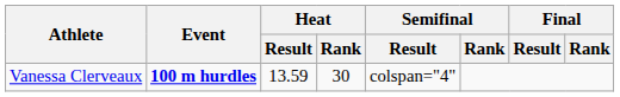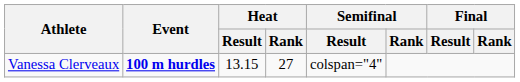 <table class="wikitable" style="font-size:90%">
 <tr>
 <th rowspan="2">Athlete</th>
 <th rowspan="2">Event</th>
 <th colspan="2">Heat</th>
 <th colspan="2">Semifinal</th>
 <th colspan="2">Final</th>
 </tr>
 <tr>
 <th>Result</th>
 <th>Rank</th>
 <th>Result</th>
 <th>Rank</th>
 <th>Result</th>
 <th>Rank</th>
 </tr>
 <tr style=text-align:center>
 <td style=text-align:left><a href='#'>Vanessa Clerveaux</a></td>
 <td style=text-align:left><strong><a href='#'>100 m hurdles</a></strong></td>
-<td>13.59</td>
-<td>30</td>
+<td>13.15</td>
+<td>27</td>
 <td>colspan="4" </td>
 </tr>
 </table>
